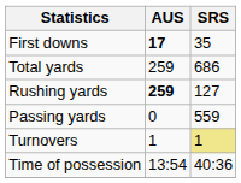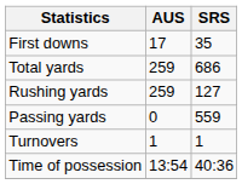 <table class="wikitable" style="float: left;">
 <tr>
 <th>Statistics</th>
 <th>AUS</th>
 <th>SRS</th>
 </tr>
 <tr>
 <td>First downs</td>
-<td><strong>17</strong></td>
+<td>17</td>
 <td>35</td>
 </tr>
 <tr>
 <td>Total yards</td>
 <td>259</td>
 <td>686</td>
 </tr>
 <tr>
 <td>Rushing yards</td>
-<td><strong>259</strong></td>
+<td>259</td>
 <td>127</td>
 </tr>
 <tr>
 <td>Passing yards</td>
 <td>0</td>
 <td>559</td>
 </tr>
 <tr>
 <td>Turnovers</td>
 <td>1</td>
-<td style="background: khaki;">1</td>
+<td>1</td>
 </tr>
 <tr>
 <td>Time of possession</td>
 <td>13:54</td>
 <td>40:36</td>
 </tr>
 <tr>
 </tr>
 </table>
